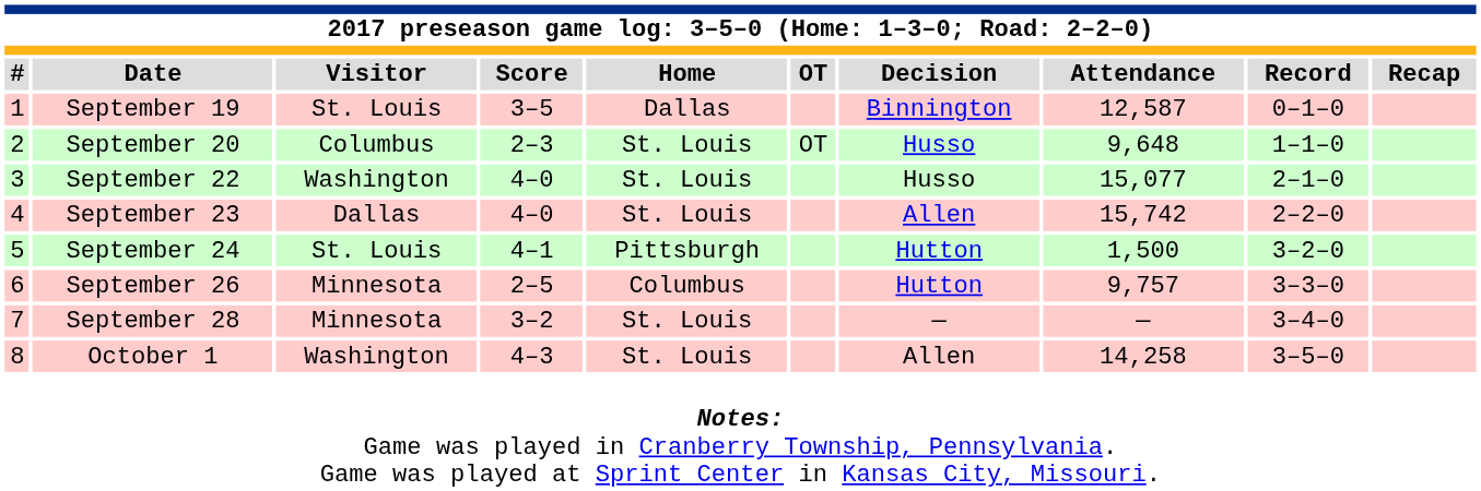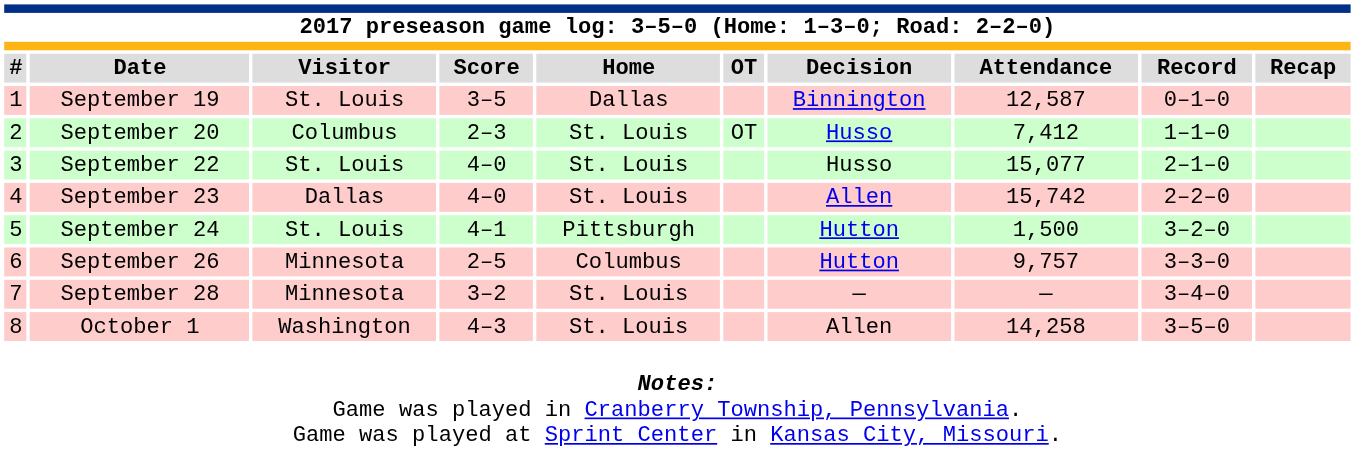 <table class="toccolours collapsible collapsed" style="width:90%; clear:both; margin:1.5em auto; text-align:center;">
 <tr>
 <th colspan=10 style="background:#FFFFFF; border-top:#002F87 5px solid; border-bottom:#FCB514 5px solid;">2017 preseason game log: 3–5–0 (Home: 1–3–0; Road: 2–2–0)</th>
 </tr>
 <tr style="background:#ddd;">
 <th>#</th>
 <th>Date</th>
 <th>Visitor</th>
 <th>Score</th>
 <th>Home</th>
 <th>OT</th>
 <th>Decision</th>
 <th>Attendance</th>
 <th>Record</th>
 <th>Recap</th>
 </tr>
 <tr style="background:#fcc;">
 <td>1</td>
 <td>September 19</td>
 <td>St. Louis</td>
 <td>3–5</td>
 <td>Dallas</td>
 <td></td>
 <td><a href='#'>Binnington</a></td>
 <td>12,587</td>
 <td>0–1–0</td>
 <td></td>
 </tr>
 <tr style="background:#cfc;">
 <td>2</td>
 <td>September 20</td>
 <td>Columbus</td>
 <td>2–3</td>
 <td>St. Louis</td>
 <td>OT</td>
 <td><a href='#'>Husso</a></td>
-<td>9,648</td>
+<td>7,412</td>
 <td>1–1–0</td>
 <td></td>
 </tr>
 <tr style="background:#cfc;">
 <td>3</td>
 <td>September 22</td>
-<td>Washington</td>
+<td>St. Louis</td>
 <td>4–0</td>
 <td>St. Louis</td>
 <td></td>
 <td>Husso</td>
 <td>15,077</td>
 <td>2–1–0</td>
 <td></td>
 </tr>
 <tr style="background:#fcc;">
 <td>4</td>
 <td>September 23</td>
 <td>Dallas</td>
 <td>4–0</td>
 <td>St. Louis</td>
 <td></td>
 <td><a href='#'>Allen</a></td>
 <td>15,742</td>
 <td>2–2–0</td>
 <td></td>
 </tr>
 <tr style="background:#cfc;">
 <td>5</td>
 <td>September 24</td>
 <td>St. Louis</td>
 <td>4–1</td>
 <td>Pittsburgh</td>
 <td></td>
 <td><a href='#'>Hutton</a></td>
 <td>1,500</td>
 <td>3–2–0</td>
 <td></td>
 </tr>
 <tr style="background:#fcc;">
 <td>6</td>
 <td>September 26</td>
 <td>Minnesota</td>
 <td>2–5</td>
 <td>Columbus</td>
 <td></td>
 <td><a href='#'>Hutton</a></td>
 <td>9,757</td>
 <td>3–3–0</td>
 <td></td>
 </tr>
 <tr style="background:#fcc;">
 <td>7</td>
 <td>September 28</td>
 <td>Minnesota</td>
 <td>3–2</td>
 <td>St. Louis</td>
 <td></td>
 <td>—</td>
 <td>—</td>
 <td>3–4–0</td>
 <td></td>
 </tr>
 <tr style="background:#fcc;">
 <td>8</td>
 <td>October 1</td>
 <td>Washington</td>
 <td>4–3</td>
 <td>St. Louis</td>
 <td></td>
 <td>Allen</td>
 <td>14,258</td>
 <td>3–5–0</td>
 <td></td>
 </tr>
 <tr>
 <td colspan="10" style="text-align:center;"><br><strong><em>Notes:</em></strong><br>  Game was played in <a href='#'>Cranberry Township, Pennsylvania</a>.<br>  Game was played at <a href='#'>Sprint Center</a> in <a href='#'>Kansas City, Missouri</a>.</td>
 </tr>
 </table>
